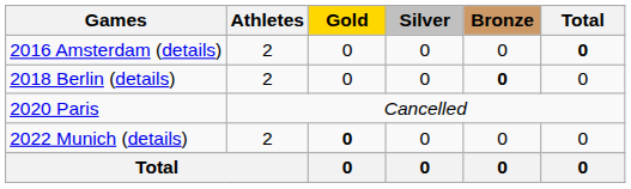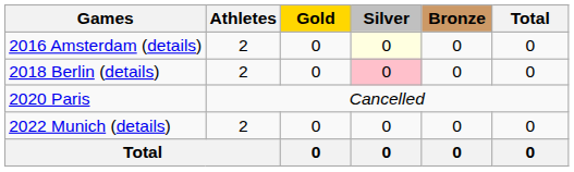 <table class="wikitable" style="text-align:center; font-size:90%;">
 <tr>
 <th>Games</th>
 <th>Athletes</th>
 <td style="background:gold; width:3.7em; font-weight:bold;">Gold</td>
 <td style="background:silver; width:3.7em; font-weight:bold;">Silver</td>
 <td style="background:#cc9966; width:3.7em; font-weight:bold;">Bronze</td>
 <th style="width:4em; font-weight:bold;">Total</th>
 </tr>
 <tr>
 <td align=left> <a href='#'>2016 Amsterdam</a> (<a href='#'>details</a>)</td>
 <td>2</td>
 <td>0</td>
+<td style="background: lightyellow;">0</td>
 <td>0</td>
 <td>0</td>
-<td><strong>0</strong></td>
 </tr>
 <tr>
 <td align=left> <a href='#'>2018 Berlin</a> (<a href='#'>details</a>)</td>
 <td>2</td>
 <td>0</td>
+<td style="background: pink;">0</td>
 <td>0</td>
-<td><strong>0</strong></td>
 <td>0</td>
 </tr>
 <tr>
 <td align=left> <a href='#'>2020 Paris</a></td>
 <td colspan=6><em>Cancelled</em></td>
 </tr>
 <tr>
 <td align=left> <a href='#'>2022 Munich</a> (<a href='#'>details</a>)</td>
 <td>2</td>
-<td><strong>0</strong></td>
+<td>0</td>
 <td>0</td>
 <td>0</td>
 <td>0</td>
 </tr>
 <tr>
 <th colspan=2>Total</th>
 <th>0</th>
 <th>0</th>
 <th>0</th>
 <th>0</th>
 </tr>
 </table>
